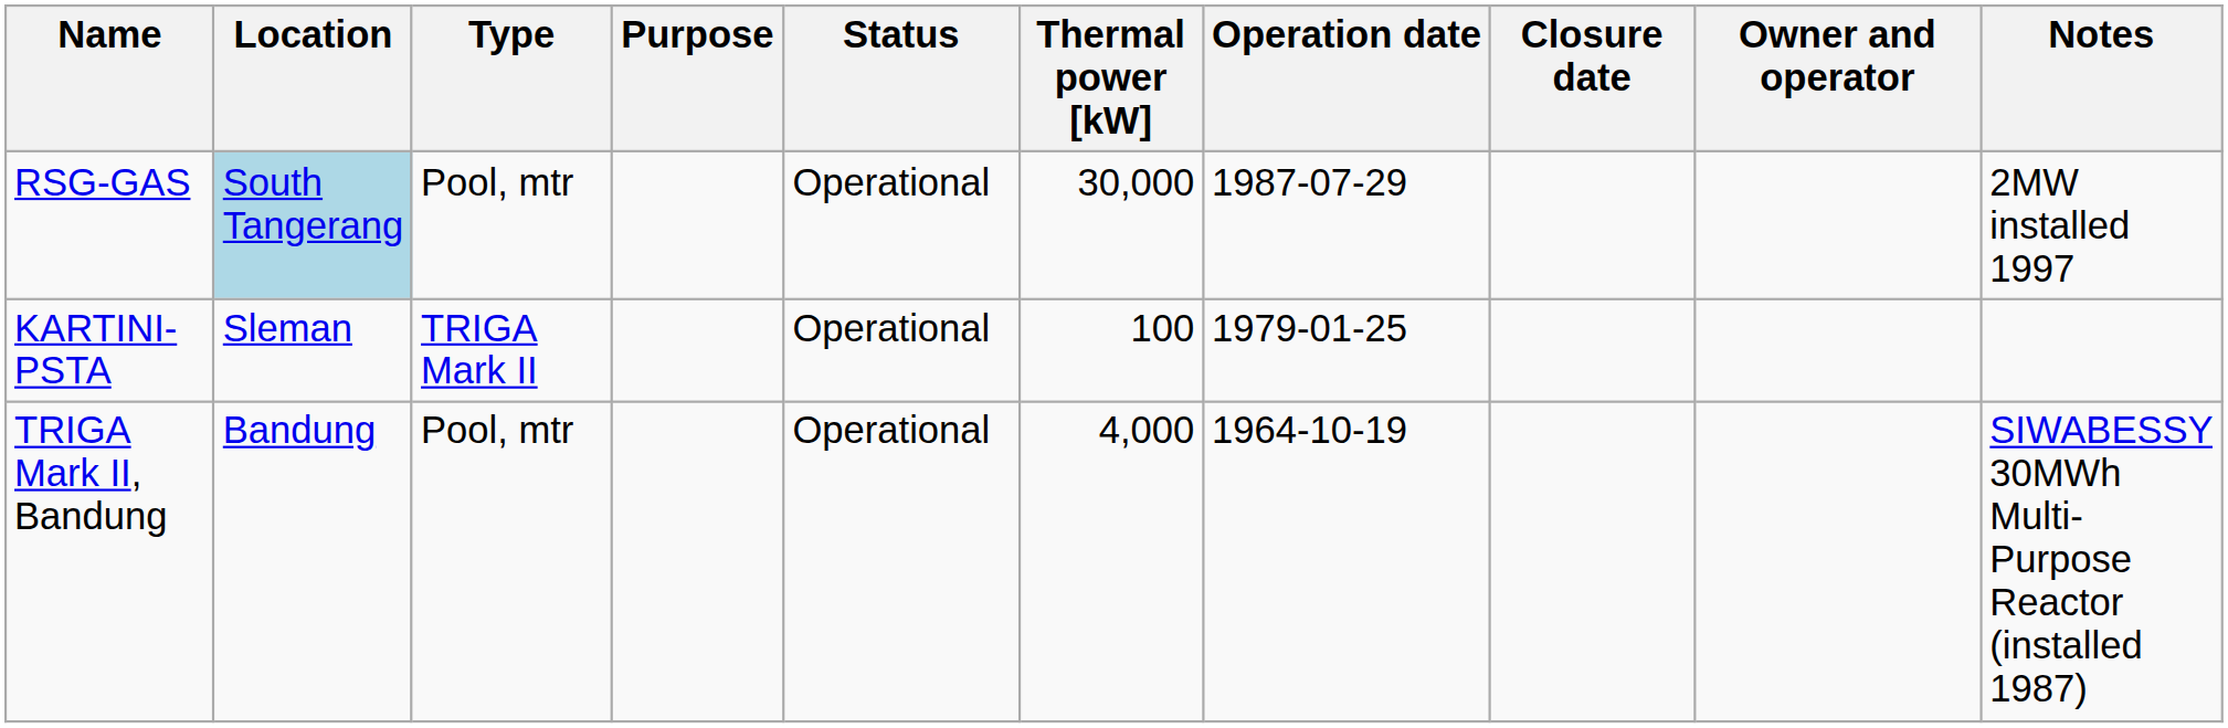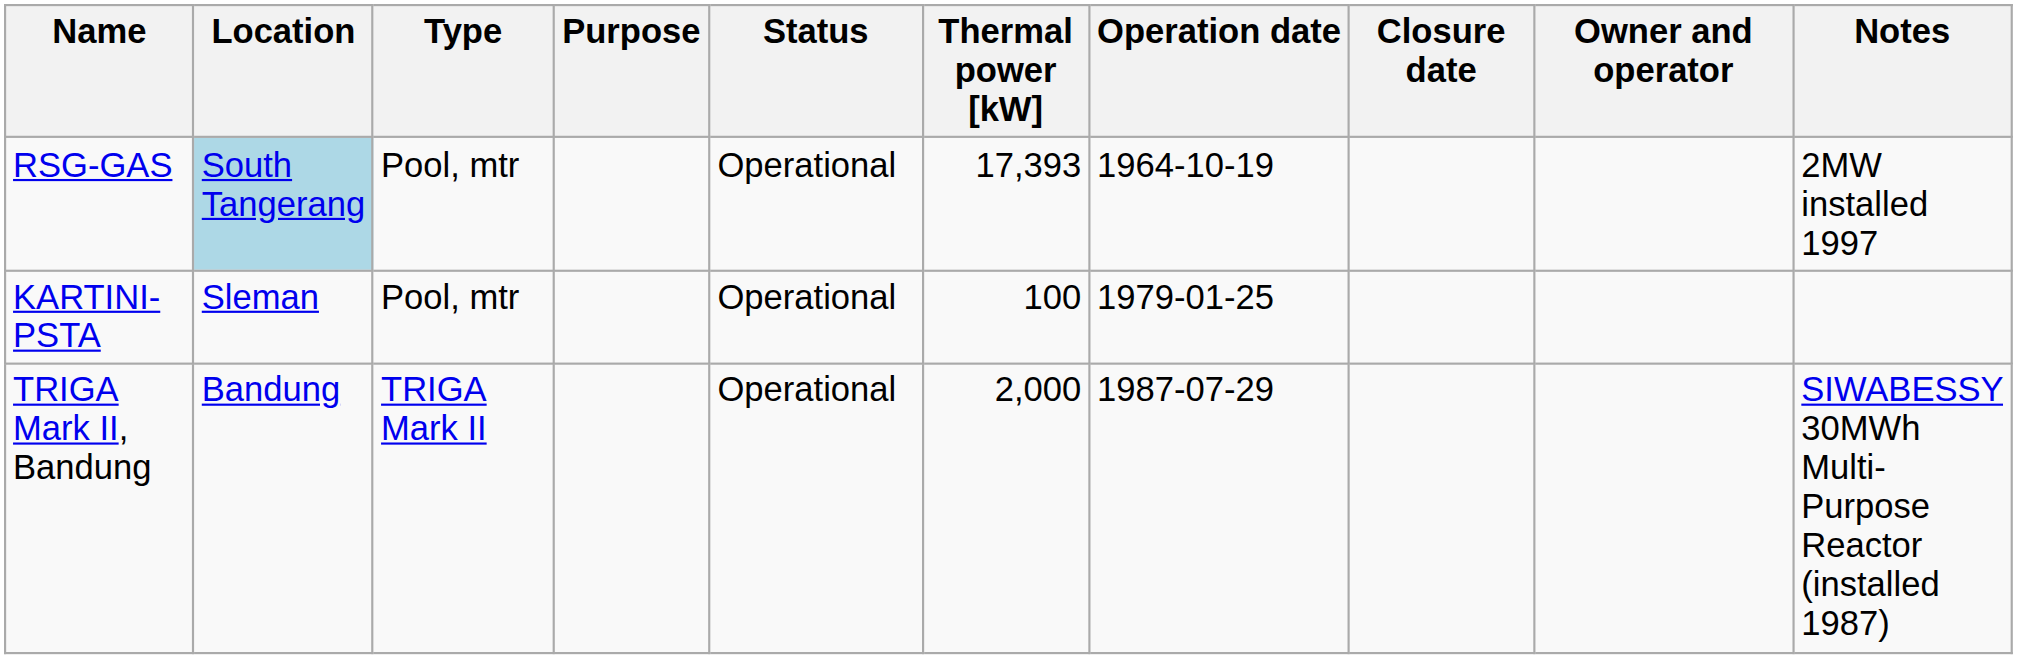 <table class="wikitable" >
 <tr valign="top">
 <th width="80">Name</th>
 <th width="65">Location</th>
 <th width="76">Type</th>
 <th width="65">Purpose</th>
 <th width="91">Status</th>
 <th width="70“">Thermal power [kW]</th>
 <th width=„67“>Operation date</th>
 <th width="78“">Closure date</th>
 <th width="113“">Owner and operator</th>
 <th width="65">Notes</th>
 </tr>
 <tr valign="top">
 <td><a href='#'>RSG-GAS</a></td>
 <td style="background: lightblue;"><a href='#'>South Tangerang</a></td>
 <td>Pool, mtr</td>
 <td></td>
 <td>Operational</td>
-<td align="right">30,000</td>
-<td>1987-07-29</td>
+<td align="right">17,393</td>
+<td>1964-10-19</td>
 <td></td>
 <td></td>
 <td>2MW installed 1997</td>
 </tr>
 <tr valign="top">
 <td><a href='#'>KARTINI-PSTA</a></td>
 <td><a href='#'>Sleman</a></td>
-<td><a href='#'>TRIGA Mark II</a></td>
+<td>Pool, mtr</td>
 <td></td>
 <td>Operational</td>
 <td align="right">100</td>
 <td>1979-01-25</td>
 <td></td>
 <td></td>
 <td></td>
 </tr>
 <tr valign="top">
 <td><a href='#'>TRIGA Mark II</a>, Bandung</td>
 <td><a href='#'>Bandung</a></td>
-<td>Pool, mtr</td>
+<td><a href='#'>TRIGA Mark II</a></td>
 <td></td>
 <td>Operational</td>
-<td align="right">4,000</td>
-<td>1964-10-19</td>
+<td align="right">2,000</td>
+<td>1987-07-29</td>
 <td></td>
 <td></td>
 <td><a href='#'>SIWABESSY</a> 30MWh Multi-Purpose Reactor (installed 1987)</td>
 </tr>
 </table>
